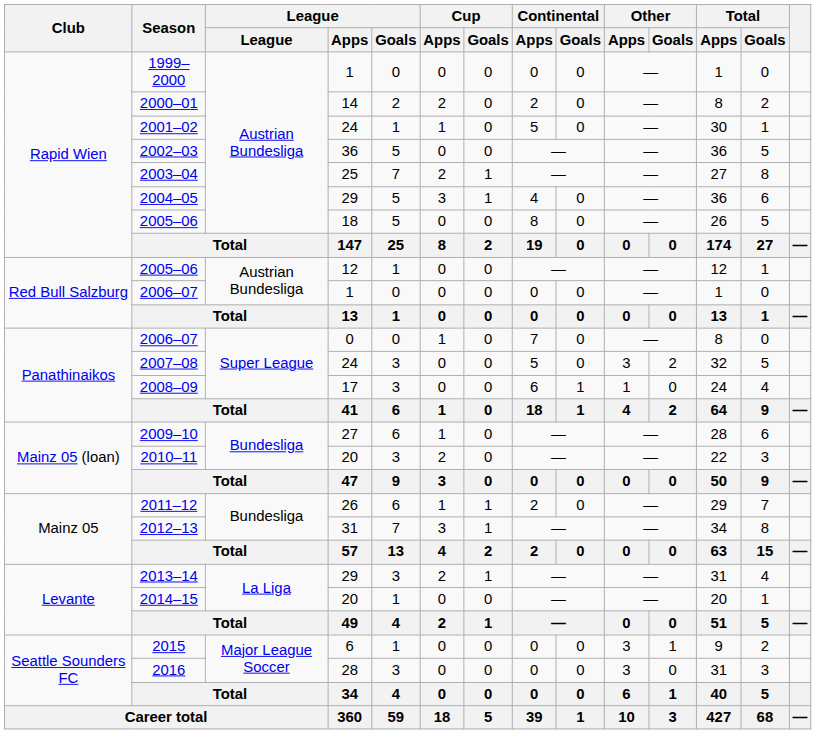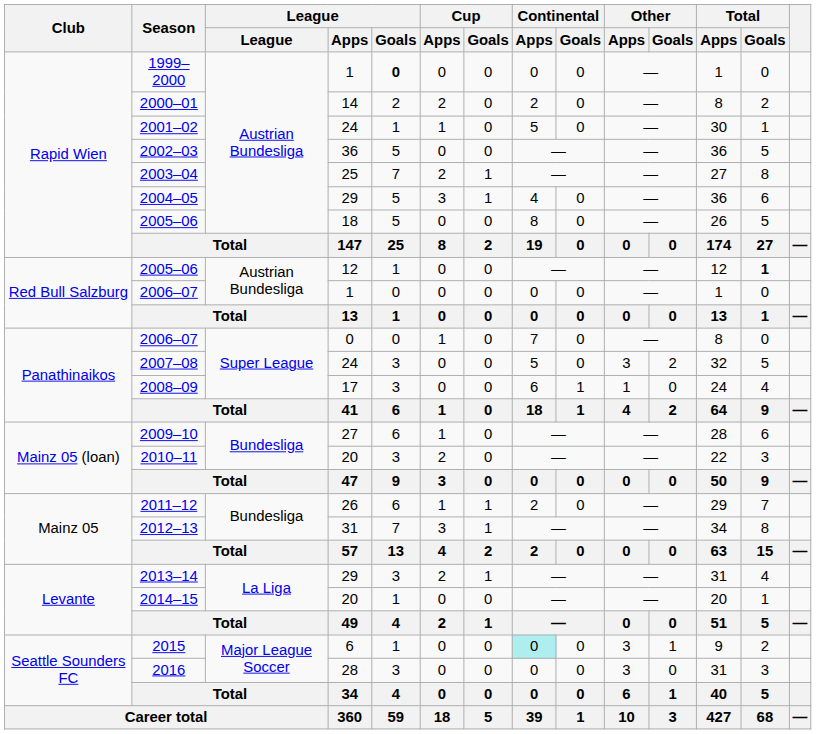 <table class="wikitable" style="text-align:center">
 <tr>
 <th rowspan="2">Club</th>
 <th rowspan="2">Season</th>
 <th colspan="3">League</th>
 <th colspan="2">Cup</th>
 <th colspan="2">Continental</th>
 <th colspan="2">Other</th>
 <th colspan="2">Total</th>
 <th rowspan="2"></th>
 </tr>
 <tr>
 <th>League</th>
 <th>Apps</th>
 <th>Goals</th>
 <th>Apps</th>
 <th>Goals</th>
 <th>Apps</th>
 <th>Goals</th>
 <th>Apps</th>
 <th>Goals</th>
 <th>Apps</th>
 <th>Goals</th>
 </tr>
 <tr>
 <td rowspan="8"><a href='#'>Rapid Wien</a></td>
 <td><a href='#'>1999–2000</a></td>
 <td rowspan="7"><a href='#'>Austrian Bundesliga</a></td>
 <td>1</td>
-<td>0</td>
+<td><strong>0</strong></td>
 <td>0</td>
 <td>0</td>
 <td>0</td>
 <td>0</td>
 <td colspan="2">—</td>
 <td>1</td>
 <td>0</td>
 <td></td>
 </tr>
 <tr>
 <td><a href='#'>2000–01</a></td>
 <td>14</td>
 <td>2</td>
 <td>2</td>
 <td>0</td>
 <td>2</td>
 <td>0</td>
 <td colspan="2">—</td>
 <td>8</td>
 <td>2</td>
 <td></td>
 </tr>
 <tr>
 <td><a href='#'>2001–02</a></td>
 <td>24</td>
 <td>1</td>
 <td>1</td>
 <td>0</td>
 <td>5</td>
 <td>0</td>
 <td colspan="2">—</td>
 <td>30</td>
 <td>1</td>
 <td></td>
 </tr>
 <tr>
 <td><a href='#'>2002–03</a></td>
 <td>36</td>
 <td>5</td>
 <td>0</td>
 <td>0</td>
 <td colspan="2">—</td>
 <td colspan="2">—</td>
 <td>36</td>
 <td>5</td>
 <td></td>
 </tr>
 <tr>
 <td><a href='#'>2003–04</a></td>
 <td>25</td>
 <td>7</td>
 <td>2</td>
 <td>1</td>
 <td colspan="2">—</td>
 <td colspan="2">—</td>
 <td>27</td>
 <td>8</td>
 <td></td>
 </tr>
 <tr>
 <td><a href='#'>2004–05</a></td>
 <td>29</td>
 <td>5</td>
 <td>3</td>
 <td>1</td>
 <td>4</td>
 <td>0</td>
 <td colspan="2">—</td>
 <td>36</td>
 <td>6</td>
 <td></td>
 </tr>
 <tr>
 <td><a href='#'>2005–06</a></td>
 <td>18</td>
 <td>5</td>
 <td>0</td>
 <td>0</td>
 <td>8</td>
 <td>0</td>
 <td colspan="2">—</td>
 <td>26</td>
 <td>5</td>
 <td></td>
 </tr>
 <tr>
 <th colspan="2">Total</th>
 <th>147</th>
 <th>25</th>
 <th>8</th>
 <th>2</th>
 <th>19</th>
 <th>0</th>
 <th>0</th>
 <th>0</th>
 <th>174</th>
 <th>27</th>
 <th>—</th>
 </tr>
 <tr>
 <td rowspan="3"><a href='#'>Red Bull Salzburg</a></td>
 <td><a href='#'>2005–06</a></td>
 <td rowspan="2">Austrian Bundesliga</td>
 <td>12</td>
 <td>1</td>
 <td>0</td>
 <td>0</td>
 <td colspan="2">—</td>
 <td colspan="2">—</td>
 <td>12</td>
-<td>1</td>
+<td><strong>1</strong></td>
 <td></td>
 </tr>
 <tr>
 <td><a href='#'>2006–07</a></td>
 <td>1</td>
 <td>0</td>
 <td>0</td>
 <td>0</td>
 <td>0</td>
 <td>0</td>
 <td colspan="2">—</td>
 <td>1</td>
 <td>0</td>
 <td></td>
 </tr>
 <tr>
 <th colspan="2">Total</th>
 <th>13</th>
 <th>1</th>
 <th>0</th>
 <th>0</th>
 <th>0</th>
 <th>0</th>
 <th>0</th>
 <th>0</th>
 <th>13</th>
 <th>1</th>
 <th>—</th>
 </tr>
 <tr>
 <td rowspan="4"><a href='#'>Panathinaikos</a></td>
 <td><a href='#'>2006–07</a></td>
 <td rowspan="3"><a href='#'>Super League</a></td>
 <td>0</td>
 <td>0</td>
 <td>1</td>
 <td>0</td>
 <td>7</td>
 <td>0</td>
 <td colspan="2">—</td>
 <td>8</td>
 <td>0</td>
 <td></td>
 </tr>
 <tr>
 <td><a href='#'>2007–08</a></td>
 <td>24</td>
 <td>3</td>
 <td>0</td>
 <td>0</td>
 <td>5</td>
 <td>0</td>
 <td>3</td>
 <td>2</td>
 <td>32</td>
 <td>5</td>
 <td></td>
 </tr>
 <tr>
 <td><a href='#'>2008–09</a></td>
 <td>17</td>
 <td>3</td>
 <td>0</td>
 <td>0</td>
 <td>6</td>
 <td>1</td>
 <td>1</td>
 <td>0</td>
 <td>24</td>
 <td>4</td>
 <td></td>
 </tr>
 <tr>
 <th colspan="2">Total</th>
 <th>41</th>
 <th>6</th>
 <th>1</th>
 <th>0</th>
 <th>18</th>
 <th>1</th>
 <th>4</th>
 <th>2</th>
 <th>64</th>
 <th>9</th>
 <th>—</th>
 </tr>
 <tr>
 <td rowspan="3"><a href='#'>Mainz 05</a> (loan)</td>
 <td><a href='#'>2009–10</a></td>
 <td rowspan="2"><a href='#'>Bundesliga</a></td>
 <td>27</td>
 <td>6</td>
 <td>1</td>
 <td>0</td>
 <td colspan="2">—</td>
 <td colspan="2">—</td>
 <td>28</td>
 <td>6</td>
 <td></td>
 </tr>
 <tr>
 <td><a href='#'>2010–11</a></td>
 <td>20</td>
 <td>3</td>
 <td>2</td>
 <td>0</td>
 <td colspan="2">—</td>
 <td colspan="2">—</td>
 <td>22</td>
 <td>3</td>
 <td></td>
 </tr>
 <tr>
 <th colspan="2">Total</th>
 <th>47</th>
 <th>9</th>
 <th>3</th>
 <th>0</th>
 <th>0</th>
 <th>0</th>
 <th>0</th>
 <th>0</th>
 <th>50</th>
 <th>9</th>
 <th>—</th>
 </tr>
 <tr>
 <td rowspan="3">Mainz 05</td>
 <td><a href='#'>2011–12</a></td>
 <td rowspan="2">Bundesliga</td>
 <td>26</td>
 <td>6</td>
 <td>1</td>
 <td>1</td>
 <td>2</td>
 <td>0</td>
 <td colspan="2">—</td>
 <td>29</td>
 <td>7</td>
 <td></td>
 </tr>
 <tr>
 <td><a href='#'>2012–13</a></td>
 <td>31</td>
 <td>7</td>
 <td>3</td>
 <td>1</td>
 <td colspan="2">—</td>
 <td colspan="2">—</td>
 <td>34</td>
 <td>8</td>
 <td></td>
 </tr>
 <tr>
 <th colspan="2">Total</th>
 <th>57</th>
 <th>13</th>
 <th>4</th>
 <th>2</th>
 <th>2</th>
 <th>0</th>
 <th>0</th>
 <th>0</th>
 <th>63</th>
 <th>15</th>
 <th>—</th>
 </tr>
 <tr>
 <td rowspan="3"><a href='#'>Levante</a></td>
 <td><a href='#'>2013–14</a></td>
 <td rowspan="2"><a href='#'>La Liga</a></td>
 <td>29</td>
 <td>3</td>
 <td>2</td>
 <td>1</td>
 <td colspan="2">—</td>
 <td colspan="2">—</td>
 <td>31</td>
 <td>4</td>
 <td></td>
 </tr>
 <tr>
 <td><a href='#'>2014–15</a></td>
 <td>20</td>
 <td>1</td>
 <td>0</td>
 <td>0</td>
 <td colspan="2">—</td>
 <td colspan="2">—</td>
 <td>20</td>
 <td>1</td>
 <td></td>
 </tr>
 <tr>
 <th colspan="2">Total</th>
 <th>49</th>
 <th>4</th>
 <th>2</th>
 <th>1</th>
 <th colspan="2">—</th>
 <th>0</th>
 <th>0</th>
 <th>51</th>
 <th>5</th>
 <th>—</th>
 </tr>
 <tr>
 <td rowspan="3"><a href='#'>Seattle Sounders FC</a></td>
 <td><a href='#'>2015</a></td>
 <td rowspan="2"><a href='#'>Major League Soccer</a></td>
 <td>6</td>
 <td>1</td>
 <td>0</td>
 <td>0</td>
-<td>0</td>
+<td style="background: paleturquoise;">0</td>
 <td>0</td>
 <td>3</td>
 <td>1</td>
 <td>9</td>
 <td>2</td>
 <td></td>
 </tr>
 <tr>
 <td><a href='#'>2016</a></td>
 <td>28</td>
 <td>3</td>
 <td>0</td>
 <td>0</td>
 <td>0</td>
 <td>0</td>
 <td>3</td>
 <td>0</td>
 <td>31</td>
 <td>3</td>
 <td></td>
 </tr>
 <tr>
 <th colspan="2">Total</th>
 <th>34</th>
 <th>4</th>
 <th>0</th>
 <th>0</th>
 <th>0</th>
 <th>0</th>
 <th>6</th>
 <th>1</th>
 <th>40</th>
 <th>5</th>
 <th></th>
 </tr>
 <tr>
 <th colspan="3">Career total</th>
 <th>360</th>
 <th>59</th>
 <th>18</th>
 <th>5</th>
 <th>39</th>
 <th>1</th>
 <th>10</th>
 <th>3</th>
 <th>427</th>
 <th>68</th>
 <th>—</th>
 </tr>
 </table>
